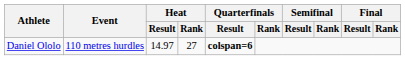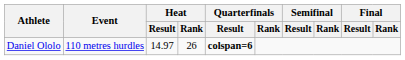 <table class=wikitable style=font-size:90%>
 <tr>
 <th rowspan=2>Athlete</th>
 <th rowspan=2>Event</th>
 <th colspan=2>Heat</th>
 <th colspan=2>Quarterfinals</th>
 <th colspan=2>Semifinal</th>
 <th colspan=2>Final</th>
 </tr>
 <tr style=font-size:95%>
 <th>Result</th>
 <th>Rank</th>
 <th>Result</th>
 <th>Rank</th>
 <th>Result</th>
 <th>Rank</th>
 <th>Result</th>
 <th>Rank</th>
 </tr>
 <tr align=center>
 <td align=left><a href='#'>Daniel Ololo</a></td>
 <td align=left><a href='#'>110 metres hurdles</a></td>
 <td>14.97</td>
-<td>27</td>
+<td>26</td>
 <td><strong>colspan=6 </strong></td>
 </tr>
 </table>
